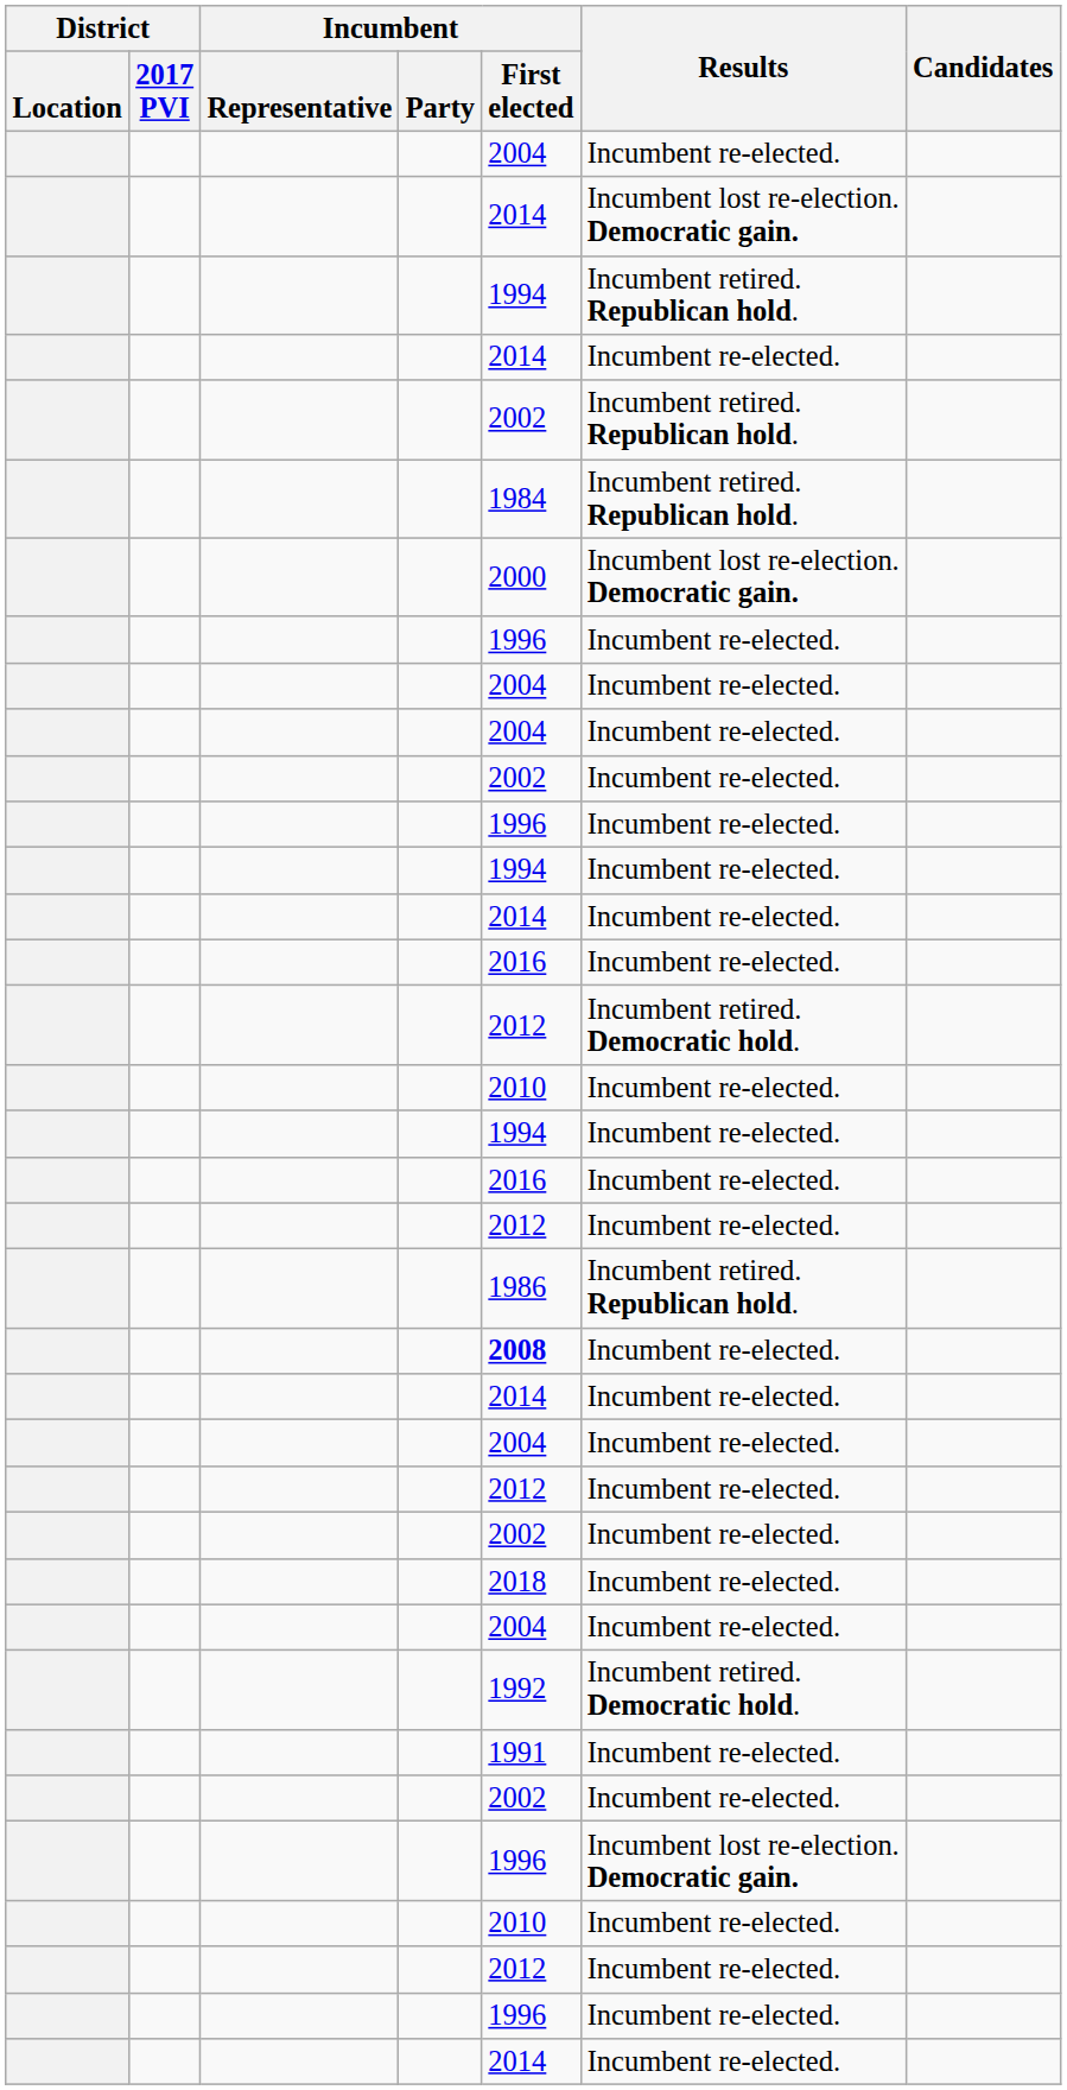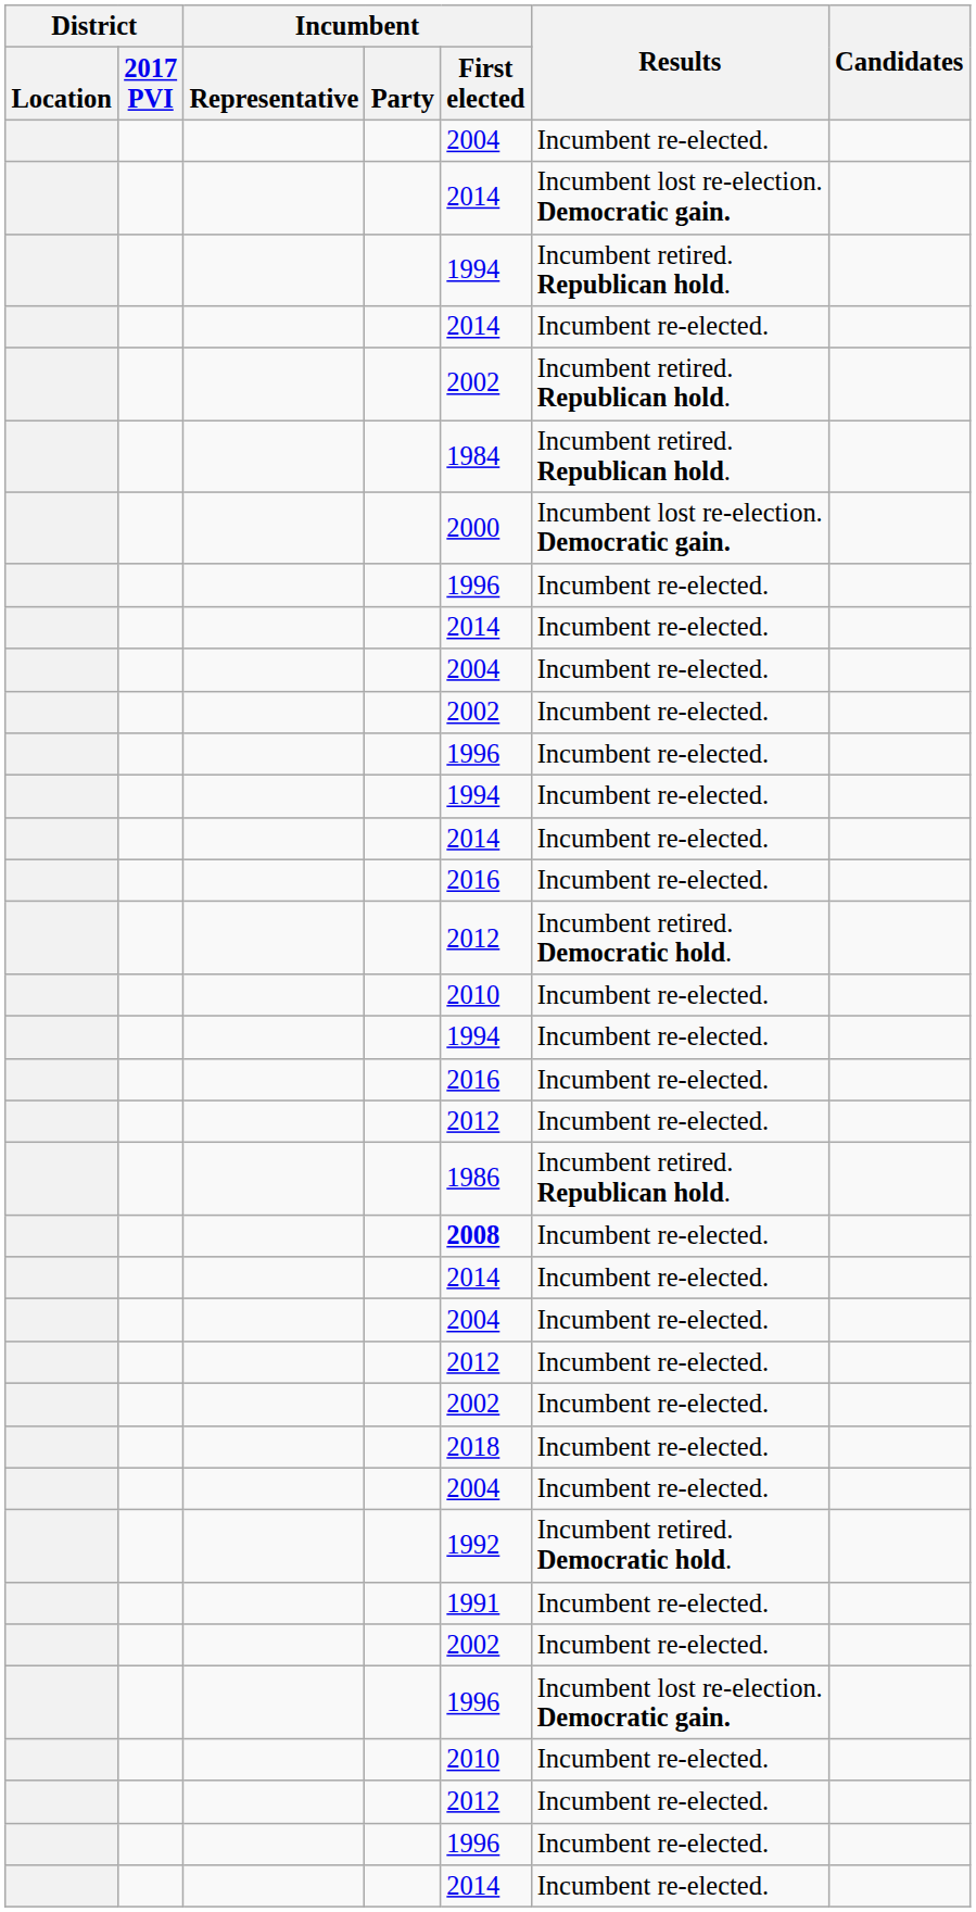 <table class="wikitable sortable">
 <tr>
 <th colspan=2>District</th>
 <th colspan=3>Incumbent</th>
 <th rowspan=2>Results</th>
 <th rowspan=2>Candidates</th>
 </tr>
 <tr valign=bottom>
 <th>Location</th>
 <th><a href='#'>2017<br>PVI</a></th>
 <th>Representative</th>
 <th>Party</th>
 <th>First<br>elected</th>
 </tr>
 <tr>
 <th></th>
 <td></td>
 <td></td>
 <td></td>
 <td><a href='#'>2004</a></td>
 <td>Incumbent re-elected.</td>
 <td nowrap></td>
 </tr>
 <tr>
 <th></th>
 <td></td>
 <td></td>
 <td></td>
 <td><a href='#'>2014</a></td>
 <td>Incumbent lost re-election.<br><strong>Democratic gain.</strong></td>
 <td nowrap></td>
 </tr>
 <tr>
 <th></th>
 <td></td>
 <td></td>
 <td></td>
 <td><a href='#'>1994 </a></td>
 <td>Incumbent retired.<br><strong>Republican hold</strong>.</td>
 <td nowrap></td>
 </tr>
 <tr>
 <th></th>
 <td></td>
 <td></td>
 <td></td>
 <td><a href='#'>2014</a></td>
 <td>Incumbent re-elected.</td>
 <td nowrap></td>
 </tr>
 <tr>
 <th></th>
 <td></td>
 <td></td>
 <td></td>
 <td><a href='#'>2002</a></td>
 <td>Incumbent retired.<br><strong>Republican hold</strong>.</td>
 <td nowrap></td>
 </tr>
 <tr>
 <th></th>
 <td></td>
 <td></td>
 <td></td>
 <td><a href='#'>1984</a></td>
 <td>Incumbent retired.<br><strong>Republican hold</strong>.</td>
 <td nowrap></td>
 </tr>
 <tr>
 <th></th>
 <td></td>
 <td></td>
 <td></td>
 <td><a href='#'>2000</a></td>
 <td>Incumbent lost re-election.<br><strong>Democratic gain.</strong></td>
 <td nowrap></td>
 </tr>
 <tr>
 <th></th>
 <td></td>
 <td></td>
 <td></td>
 <td><a href='#'>1996</a></td>
 <td>Incumbent re-elected.</td>
 <td nowrap></td>
 </tr>
 <tr>
 <th></th>
 <td></td>
 <td></td>
 <td></td>
-<td><a href='#'>2004</a></td>
+<td><a href='#'>2014</a></td>
 <td>Incumbent re-elected.</td>
 <td nowrap></td>
 </tr>
 <tr>
 <th></th>
 <td></td>
 <td></td>
 <td></td>
 <td><a href='#'>2004</a></td>
 <td>Incumbent re-elected.</td>
 <td nowrap></td>
 </tr>
 <tr>
 <th></th>
 <td></td>
 <td></td>
 <td></td>
 <td><a href='#'>2002</a></td>
 <td>Incumbent re-elected.</td>
 <td nowrap></td>
 </tr>
 <tr>
 <th></th>
 <td></td>
 <td></td>
 <td></td>
 <td><a href='#'>1996</a></td>
 <td>Incumbent re-elected.</td>
 <td nowrap></td>
 </tr>
 <tr>
 <th></th>
 <td></td>
 <td></td>
 <td></td>
 <td><a href='#'>1994</a></td>
 <td>Incumbent re-elected.</td>
 <td nowrap></td>
 </tr>
 <tr>
 <th></th>
 <td></td>
 <td></td>
 <td></td>
 <td><a href='#'>2014</a></td>
 <td>Incumbent re-elected.</td>
 <td nowrap></td>
 </tr>
 <tr>
 <th></th>
 <td></td>
 <td></td>
 <td></td>
 <td><a href='#'>2016</a></td>
 <td>Incumbent re-elected.</td>
 <td nowrap></td>
 </tr>
 <tr>
 <th></th>
 <td></td>
 <td></td>
 <td></td>
 <td><a href='#'>2012</a></td>
 <td>Incumbent retired.<br><strong>Democratic hold</strong>.</td>
 <td nowrap></td>
 </tr>
 <tr>
 <th></th>
 <td></td>
 <td></td>
 <td></td>
 <td><a href='#'>2010</a></td>
 <td>Incumbent re-elected.</td>
 <td nowrap></td>
 </tr>
 <tr>
 <th></th>
 <td></td>
 <td></td>
 <td></td>
 <td><a href='#'>1994</a></td>
 <td>Incumbent re-elected.</td>
 <td nowrap></td>
 </tr>
 <tr>
 <th></th>
 <td></td>
 <td></td>
 <td></td>
 <td><a href='#'>2016</a></td>
 <td>Incumbent re-elected.</td>
 <td nowrap></td>
 </tr>
 <tr>
 <th></th>
 <td></td>
 <td></td>
 <td></td>
 <td><a href='#'>2012</a></td>
 <td>Incumbent re-elected.</td>
 <td nowrap></td>
 </tr>
 <tr>
 <th></th>
 <td></td>
 <td></td>
 <td></td>
 <td><a href='#'>1986</a></td>
 <td>Incumbent retired.<br><strong>Republican hold</strong>.</td>
 <td nowrap></td>
 </tr>
 <tr>
 <th></th>
 <td></td>
 <td></td>
 <td></td>
 <td><strong><a href='#'>2008</a></strong></td>
 <td>Incumbent re-elected.</td>
 <td nowrap></td>
 </tr>
 <tr>
 <th></th>
 <td></td>
 <td></td>
 <td></td>
 <td><a href='#'>2014</a></td>
 <td>Incumbent re-elected.</td>
 <td nowrap></td>
 </tr>
 <tr>
 <th></th>
 <td></td>
 <td></td>
 <td></td>
 <td><a href='#'>2004</a></td>
 <td>Incumbent re-elected.</td>
 <td nowrap></td>
 </tr>
 <tr>
 <th></th>
 <td></td>
 <td></td>
 <td></td>
 <td><a href='#'>2012</a></td>
 <td>Incumbent re-elected.</td>
 <td nowrap></td>
 </tr>
 <tr>
 <th></th>
 <td></td>
 <td></td>
 <td></td>
 <td><a href='#'>2002</a></td>
 <td>Incumbent re-elected.</td>
 <td nowrap></td>
 </tr>
 <tr>
 <th></th>
 <td></td>
 <td></td>
 <td></td>
 <td><a href='#'>2018 </a></td>
 <td>Incumbent re-elected.</td>
 <td nowrap></td>
 </tr>
 <tr>
 <th></th>
 <td></td>
 <td></td>
 <td></td>
 <td><a href='#'>2004</a></td>
 <td>Incumbent re-elected.</td>
 <td nowrap></td>
 </tr>
 <tr>
 <th></th>
 <td></td>
 <td></td>
 <td></td>
 <td><a href='#'>1992</a></td>
 <td>Incumbent retired.<br><strong>Democratic hold</strong>.</td>
 <td nowrap></td>
 </tr>
 <tr>
 <th></th>
 <td></td>
 <td></td>
 <td></td>
 <td><a href='#'>1991</a></td>
 <td>Incumbent re-elected.</td>
 <td nowrap></td>
 </tr>
 <tr>
 <th></th>
 <td></td>
 <td></td>
 <td></td>
 <td><a href='#'>2002</a></td>
 <td>Incumbent re-elected.</td>
 <td nowrap></td>
 </tr>
 <tr>
 <th></th>
 <td></td>
 <td></td>
 <td></td>
 <td><a href='#'>1996</a></td>
 <td>Incumbent lost re-election.<br><strong>Democratic gain.</strong></td>
 <td nowrap></td>
 </tr>
 <tr>
 <th></th>
 <td></td>
 <td></td>
 <td></td>
 <td><a href='#'>2010</a></td>
 <td>Incumbent re-elected.</td>
 <td nowrap></td>
 </tr>
 <tr>
 <th></th>
 <td></td>
 <td></td>
 <td></td>
 <td><a href='#'>2012</a></td>
 <td>Incumbent re-elected.</td>
 <td nowrap></td>
 </tr>
 <tr>
 <th></th>
 <td></td>
 <td></td>
 <td></td>
 <td><a href='#'>1996</a></td>
 <td>Incumbent re-elected.</td>
 <td nowrap></td>
 </tr>
 <tr>
 <th></th>
 <td></td>
 <td></td>
 <td></td>
 <td><a href='#'>2014</a></td>
 <td>Incumbent re-elected.</td>
 <td nowrap></td>
 </tr>
 </table>
